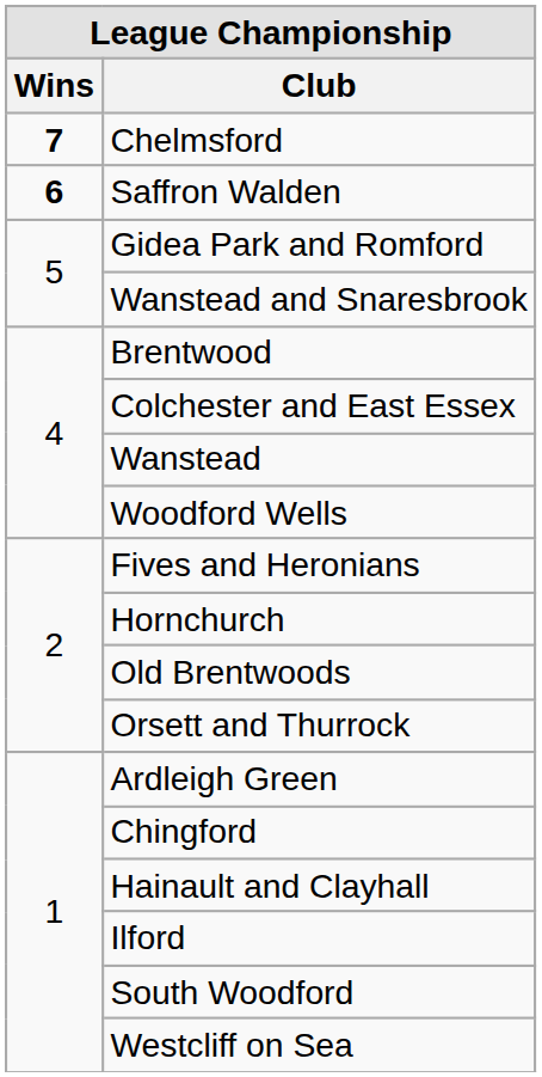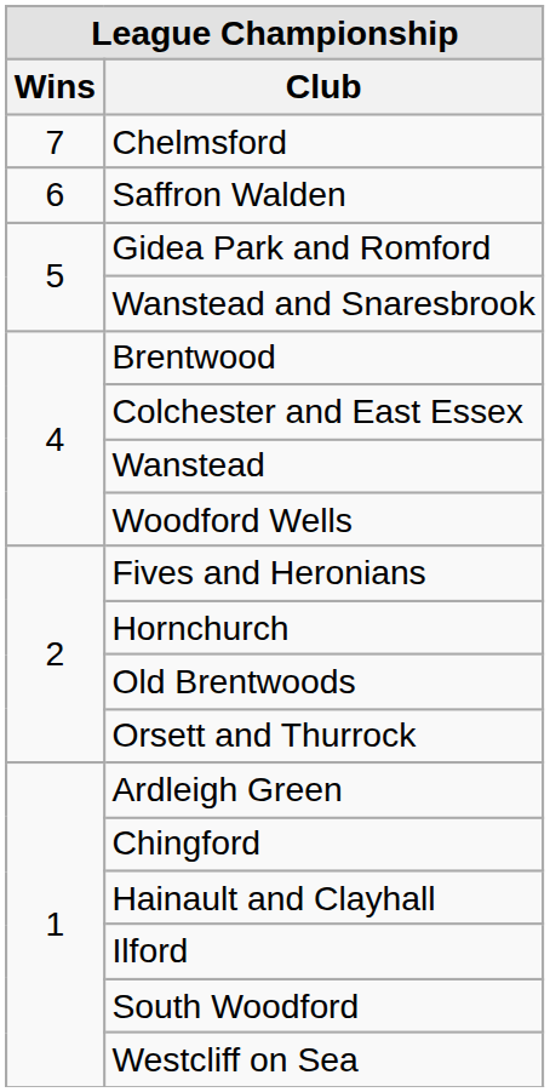 <table class=wikitable style="font-size:85%">
 <tr>
 <td bgcolor="#e2e2e2" colspan=2 style="text-align: center;"><strong>League Championship</strong></td>
 </tr>
 <tr>
 <th>Wins</th>
 <th>Club</th>
 </tr>
 <tr>
-<td rowspan=1 style="text-align: center;"><strong>7</strong></td>
+<td rowspan=1 style="text-align: center;">7</td>
 <td>Chelmsford</td>
 </tr>
 <tr>
-<td rowspan=1 style="text-align: center;"><strong>6</strong></td>
+<td rowspan=1 style="text-align: center;">6</td>
 <td>Saffron Walden</td>
 </tr>
 <tr>
 <td rowspan=2 style="text-align: center;">5</td>
 <td>Gidea Park and Romford</td>
 </tr>
 <tr>
 <td>Wanstead and Snaresbrook</td>
 </tr>
 <tr>
 <td rowspan=4 style="text-align: center;">4</td>
 <td>Brentwood</td>
 </tr>
 <tr>
 <td>Colchester and East Essex </td>
 </tr>
 <tr>
 <td>Wanstead</td>
 </tr>
 <tr>
 <td>Woodford Wells</td>
 </tr>
 <tr>
 <td rowspan=4 style="text-align: center;">2</td>
 <td>Fives and Heronians</td>
 </tr>
 <tr>
 <td>Hornchurch</td>
 </tr>
 <tr>
 <td>Old Brentwoods</td>
 </tr>
 <tr>
 <td>Orsett and Thurrock</td>
 </tr>
 <tr>
 <td rowspan=6 style="text-align: center;">1</td>
 <td>Ardleigh Green</td>
 </tr>
 <tr>
 <td>Chingford</td>
 </tr>
 <tr>
 <td>Hainault and Clayhall</td>
 </tr>
 <tr>
 <td>Ilford</td>
 </tr>
 <tr>
 <td>South Woodford</td>
 </tr>
 <tr>
 <td>Westcliff on Sea </td>
 </tr>
 <tr>
 </tr>
 </table>
